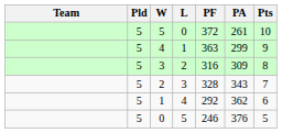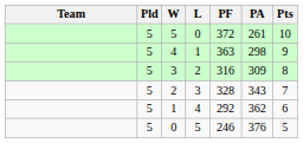 <table class="wikitable" style="text-align:center;">
 <tr>
 <th width=170>Team</th>
 <th width=25>Pld</th>
 <th width=25>W</th>
 <th width=25>L</th>
 <th width=35>PF</th>
 <th width=35>PA</th>
 <th width=25>Pts</th>
 </tr>
 <tr bgcolor=#ccffcc>
 <td align="left"></td>
 <td>5</td>
 <td>5</td>
 <td>0</td>
 <td>372</td>
 <td>261</td>
 <td>10</td>
 </tr>
 <tr bgcolor=#ccffcc>
 <td align="left"></td>
 <td>5</td>
 <td>4</td>
 <td>1</td>
 <td>363</td>
-<td>299</td>
+<td>298</td>
 <td>9</td>
 </tr>
 <tr bgcolor=#ccffcc>
 <td align="left"><em></em></td>
 <td>5</td>
 <td>3</td>
 <td>2</td>
 <td>316</td>
 <td>309</td>
 <td>8</td>
 </tr>
 <tr bgcolor=>
 <td align="left"></td>
 <td>5</td>
 <td>2</td>
 <td>3</td>
 <td>328</td>
 <td>343</td>
 <td>7</td>
 </tr>
 <tr bgcolor=>
 <td align="left"></td>
 <td>5</td>
 <td>1</td>
 <td>4</td>
 <td>292</td>
 <td>362</td>
 <td>6</td>
 </tr>
 <tr bgcolor=>
 <td align="left"></td>
 <td>5</td>
 <td>0</td>
 <td>5</td>
 <td>246</td>
 <td>376</td>
 <td>5</td>
 </tr>
 </table>
